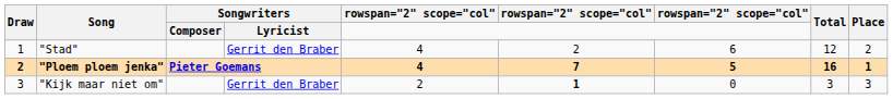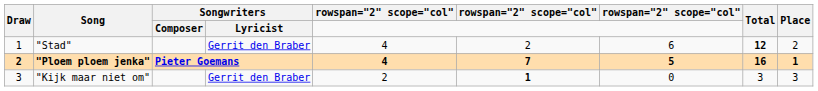 <table class="sortable wikitable">
 <tr>
 <th rowspan="2">Draw</th>
 <th rowspan="2">Song</th>
 <th colspan="2">Songwriters</th>
 <th>rowspan="2" scope="col" </th>
 <th>rowspan="2" scope="col" </th>
 <th>rowspan="2" scope="col" </th>
 <th rowspan="2">Total</th>
 <th rowspan="2">Place</th>
 </tr>
 <tr>
 <th>Composer</th>
 <th>Lyricist</th>
 </tr>
 <tr>
 <td align="center">1</td>
 <td>"Stad"</td>
 <td></td>
 <td><a href='#'>Gerrit den Braber</a></td>
 <td align="center">4</td>
 <td align="center">2</td>
 <td align="center">6</td>
-<td align="center">12</td>
+<td align="center"><strong>12</strong></td>
 <td align="center">2</td>
 </tr>
 <tr style="background:#FFDEAD; font-weight:bold;">
 <td align="center">2</td>
 <td>"Ploem ploem jenka"</td>
 <td colspan="2"><a href='#'>Pieter Goemans</a></td>
 <td align="center">4</td>
 <td align="center">7</td>
 <td align="center">5</td>
 <td align="center">16</td>
 <td align="center">1</td>
 </tr>
 <tr>
 <td align="center">3</td>
 <td>"Kijk maar niet om"</td>
 <td></td>
 <td><a href='#'>Gerrit den Braber</a></td>
 <td align="center">2</td>
 <td align="center"><strong>1</strong></td>
 <td align="center">0</td>
 <td align="center">3</td>
 <td align="center">3</td>
 </tr>
 </table>
